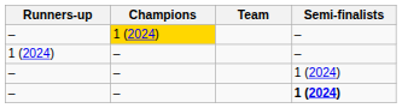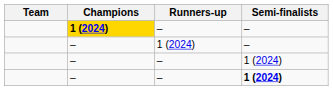 <table class="wikitable">
 <tr>
+<th width=16%>Team</th>
+<th width=22%>Champions</th>
 <th width=22%>Runners-up</th>
-<th width=22%>Champions</th>
-<th width=16%>Team</th>
 <th width=22%>Semi-finalists</th>
 </tr>
 <tr>
+<td></td>
+<td bgcolor=gold><strong>1 (<a href='#'>2024</a>)</strong></td>
 <td>–</td>
-<td bgcolor=gold>1 (<a href='#'>2024</a>)</td>
-<td></td>
 <td>–</td>
 </tr>
 <tr>
+<td></td>
+<td>–</td>
 <td>1 (<a href='#'>2024</a>)</td>
-<td>–</td>
-<td></td>
 <td>–</td>
 </tr>
 <tr>
+<td></td>
 <td>–</td>
 <td>–</td>
-<td></td>
 <td>1 (<a href='#'>2024</a>)</td>
 </tr>
 <tr>
+<td></td>
 <td>–</td>
 <td>–</td>
-<td></td>
 <td><strong>1 (<a href='#'>2024</a>)</strong></td>
 </tr>
 </table>
